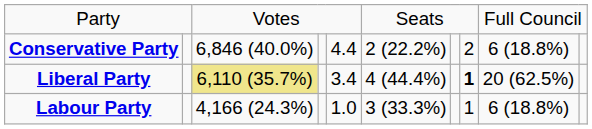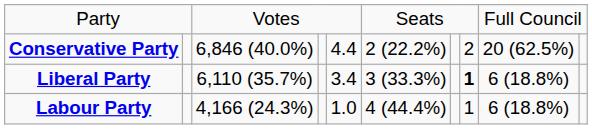 <table class=wikitable style="text-align:center;">
 <tr>
 <td colspan=2>Party</td>
 <td colspan=3>Votes</td>
 <td colspan=3>Seats</td>
 <td colspan=3>Full Council</td>
 </tr>
 <tr>
 <td><strong><a href='#'>Conservative Party</a></strong></td>
 <td style="background:"></td>
 <td>6,846 (40.0%)</td>
 <td></td>
 <td> 4.4</td>
 <td>2 (22.2%)</td>
 <td></td>
 <td> 2</td>
-<td>6 (18.8%)</td>
+<td>20 (62.5%)</td>
 <td></td>
 </tr>
 <tr>
 <td><strong><a href='#'>Liberal Party</a></strong></td>
 <td style="background:"></td>
-<td style="background: khaki;">6,110 (35.7%)</td>
+<td>6,110 (35.7%)</td>
 <td></td>
 <td> 3.4</td>
-<td>4 (44.4%)</td>
+<td>3 (33.3%)</td>
 <td></td>
 <td><strong> 1</strong></td>
-<td>20 (62.5%)</td>
+<td>6 (18.8%)</td>
 <td></td>
 </tr>
 <tr>
 <td><strong><a href='#'>Labour Party</a></strong></td>
 <td style="background:"></td>
 <td>4,166 (24.3%)</td>
 <td></td>
 <td> 1.0</td>
-<td>3 (33.3%)</td>
+<td>4 (44.4%)</td>
 <td></td>
 <td> 1</td>
 <td>6 (18.8%)</td>
 <td></td>
 </tr>
 </table>
